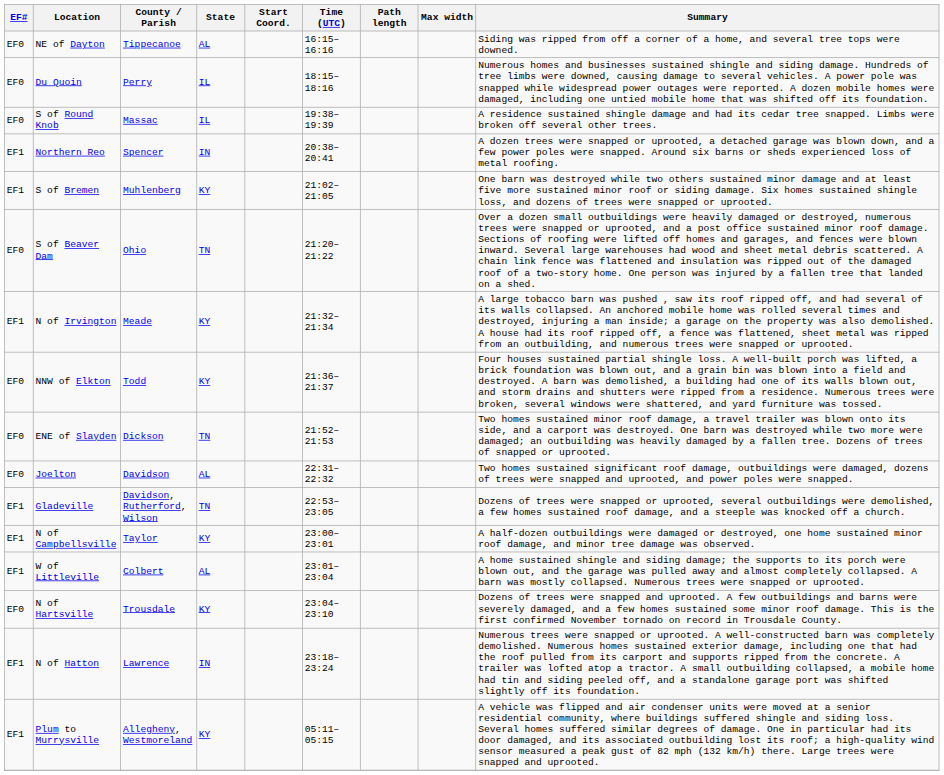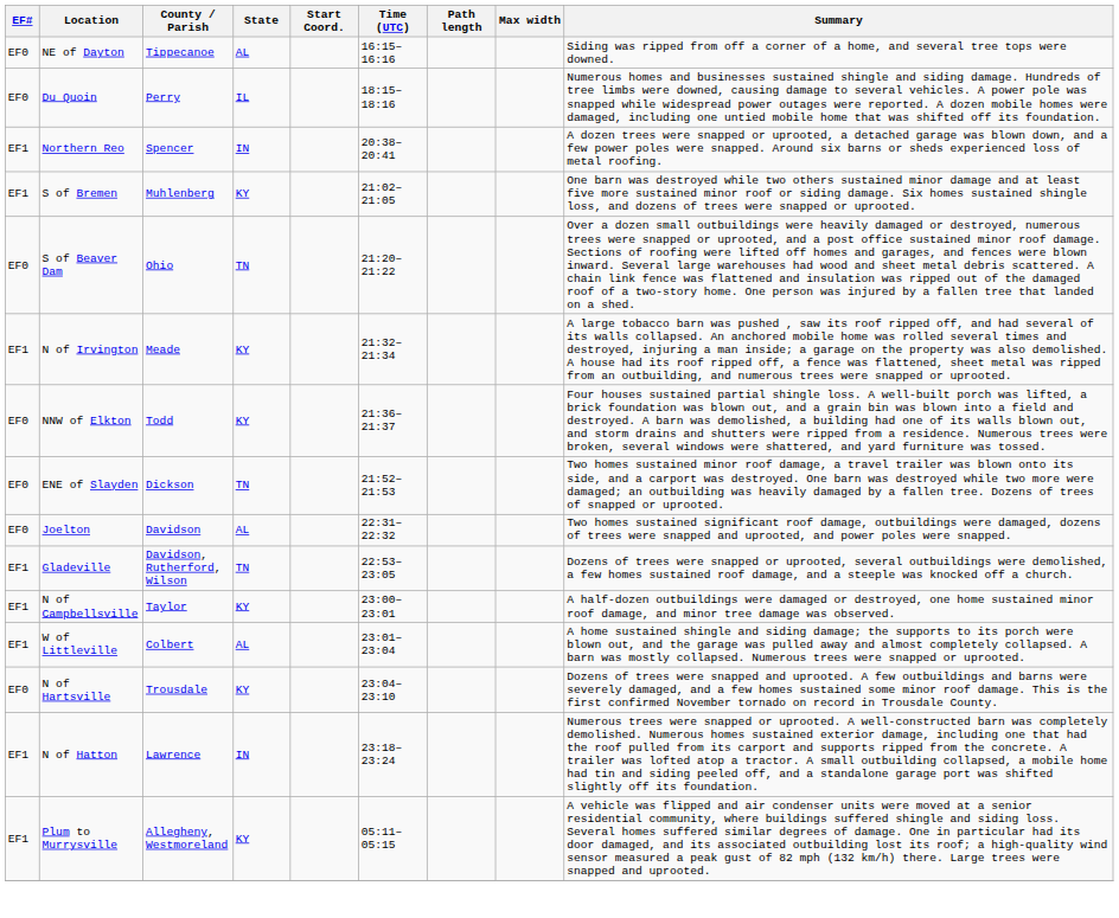 <table class="wikitable sortable" style="width:100%;">
 <tr>
 <th scope="col"  style="width:3%; text-align:center;"><a href='#'>EF#</a></th>
 <th scope="col"  style="width:7%; text-align:center;" class="unsortable">Location</th>
 <th scope="col"  style="width:6%; text-align:center;" class="unsortable">County / Parish</th>
 <th scope="col"  style="width:5%; text-align:center;">State</th>
 <th scope="col"  style="width:6%; text-align:center;">Start Coord.</th>
 <th scope="col"  style="width:6%; text-align:center;">Time (<a href='#'>UTC</a>)</th>
 <th scope="col"  style="width:6%; text-align:center;">Path length</th>
 <th scope="col"  style="width:6%; text-align:center;">Max width</th>
 <th scope="col" class="unsortable" style="width:48%; text-align:center;">Summary</th>
 </tr>
 <tr>
 <td>EF0</td>
 <td>NE of <a href='#'>Dayton</a></td>
 <td><a href='#'>Tippecanoe</a></td>
 <td><a href='#'>AL</a></td>
 <td></td>
 <td>16:15–16:16</td>
 <td></td>
 <td></td>
 <td>Siding was ripped from off a corner of a home, and several tree tops were downed.</td>
 </tr>
 <tr>
 <td>EF0</td>
 <td><a href='#'>Du Quoin</a></td>
 <td><a href='#'>Perry</a></td>
 <td><a href='#'>IL</a></td>
 <td></td>
 <td>18:15–18:16</td>
 <td></td>
 <td></td>
 <td>Numerous homes and businesses sustained shingle and siding damage. Hundreds of tree limbs were downed, causing damage to several vehicles. A power pole was snapped while widespread power outages were reported. A dozen mobile homes were damaged, including one untied mobile home that was shifted off its foundation.</td>
-</tr>
-<tr>
-<td>EF0</td>
-<td>S of <a href='#'>Round Knob</a></td>
-<td><a href='#'>Massac</a></td>
-<td><a href='#'>IL</a></td>
-<td></td>
-<td>19:38–19:39</td>
-<td></td>
-<td></td>
-<td>A residence sustained shingle damage and had its cedar tree snapped. Limbs were broken off several other trees.</td>
 </tr>
 <tr>
 <td>EF1</td>
 <td><a href='#'>Northern Reo</a></td>
 <td><a href='#'>Spencer</a></td>
 <td><a href='#'>IN</a></td>
 <td></td>
 <td>20:38–20:41</td>
 <td></td>
 <td></td>
 <td>A dozen trees were snapped or uprooted, a detached garage was blown down, and a few power poles were snapped. Around six barns or sheds experienced loss of metal roofing.</td>
 </tr>
 <tr>
 <td>EF1</td>
 <td>S of <a href='#'>Bremen</a></td>
 <td><a href='#'>Muhlenberg</a></td>
 <td><a href='#'>KY</a></td>
 <td></td>
 <td>21:02–21:05</td>
 <td></td>
 <td></td>
 <td>One barn was destroyed while two others sustained minor damage and at least five more sustained minor roof or siding damage. Six homes sustained shingle loss, and dozens of trees were snapped or uprooted.</td>
 </tr>
 <tr>
 <td>EF0</td>
 <td>S of <a href='#'>Beaver Dam</a></td>
 <td><a href='#'>Ohio</a></td>
 <td><a href='#'>TN</a></td>
 <td></td>
 <td>21:20–21:22</td>
 <td></td>
 <td></td>
 <td>Over a dozen small outbuildings were heavily damaged or destroyed, numerous trees were snapped or uprooted, and a post office sustained minor roof damage. Sections of roofing were lifted off homes and garages, and fences were blown inward. Several large warehouses had wood and sheet metal debris scattered. A chain link fence was flattened and insulation was ripped out of the damaged roof of a two-story home. One person was injured by a fallen tree that landed on a shed.</td>
 </tr>
 <tr>
 <td>EF1</td>
 <td>N of <a href='#'>Irvington</a></td>
 <td><a href='#'>Meade</a></td>
 <td><a href='#'>KY</a></td>
 <td></td>
 <td>21:32–21:34</td>
 <td></td>
 <td></td>
 <td>A large tobacco barn was pushed , saw its roof ripped off, and had several of its walls collapsed. An anchored mobile home was rolled several times and destroyed, injuring a man inside; a garage on the property was also demolished. A house had its roof ripped off, a fence was flattened, sheet metal was ripped from an outbuilding, and numerous trees were snapped or uprooted.</td>
 </tr>
 <tr>
 <td>EF0</td>
 <td>NNW of <a href='#'>Elkton</a></td>
 <td><a href='#'>Todd</a></td>
 <td><a href='#'>KY</a></td>
 <td></td>
 <td>21:36–21:37</td>
 <td></td>
 <td></td>
 <td>Four houses sustained partial shingle loss. A well-built porch was lifted, a brick foundation was blown out, and a grain bin was blown  into a field and destroyed. A barn was demolished, a building had one of its walls blown out, and storm drains and shutters were ripped from a residence. Numerous trees were broken, several windows were shattered, and yard furniture was tossed.</td>
 </tr>
 <tr>
 <td>EF0</td>
 <td>ENE of <a href='#'>Slayden</a></td>
 <td><a href='#'>Dickson</a></td>
 <td><a href='#'>TN</a></td>
 <td></td>
 <td>21:52–21:53</td>
 <td></td>
 <td></td>
 <td>Two homes sustained minor roof damage, a travel trailer was blown onto its side, and a carport was destroyed. One barn was destroyed while two more were damaged; an outbuilding was heavily damaged by a fallen tree. Dozens of trees of snapped or uprooted.</td>
 </tr>
 <tr>
 <td>EF0</td>
 <td><a href='#'>Joelton</a></td>
 <td><a href='#'>Davidson</a></td>
 <td><a href='#'>AL</a></td>
 <td></td>
 <td>22:31–22:32</td>
 <td></td>
 <td></td>
 <td>Two homes sustained significant roof damage, outbuildings were damaged, dozens of trees were snapped and uprooted, and power poles were snapped.</td>
 </tr>
 <tr>
 <td>EF1</td>
 <td><a href='#'>Gladeville</a></td>
 <td><a href='#'>Davidson</a>, <a href='#'>Rutherford</a>, <a href='#'>Wilson</a></td>
 <td><a href='#'>TN</a></td>
 <td></td>
 <td>22:53–23:05</td>
 <td></td>
 <td></td>
 <td>Dozens of trees were snapped or uprooted, several outbuildings were demolished, a few homes sustained roof damage, and a steeple was knocked off a church.</td>
 </tr>
 <tr>
 <td>EF1</td>
 <td>N of <a href='#'>Campbellsville</a></td>
 <td><a href='#'>Taylor</a></td>
 <td><a href='#'>KY</a></td>
 <td></td>
 <td>23:00–23:01</td>
 <td></td>
 <td></td>
 <td>A half-dozen outbuildings were damaged or destroyed, one home sustained minor roof damage, and minor tree damage was observed.</td>
 </tr>
 <tr>
 <td>EF1</td>
 <td>W of <a href='#'>Littleville</a></td>
 <td><a href='#'>Colbert</a></td>
 <td><a href='#'>AL</a></td>
 <td></td>
 <td>23:01–23:04</td>
 <td></td>
 <td></td>
 <td>A home sustained shingle and siding damage; the supports to its porch were blown out, and the garage was pulled away and almost completely collapsed. A barn was mostly collapsed. Numerous trees were snapped or uprooted.</td>
 </tr>
 <tr>
 <td>EF0</td>
 <td>N of <a href='#'>Hartsville</a></td>
 <td><a href='#'>Trousdale</a></td>
 <td><a href='#'>KY</a></td>
 <td></td>
 <td>23:04–23:10</td>
 <td></td>
 <td></td>
 <td>Dozens of trees were snapped and uprooted. A few outbuildings and barns were severely damaged, and a few homes sustained some minor roof damage. This is the first confirmed November tornado on record in Trousdale County.</td>
 </tr>
 <tr>
 <td>EF1</td>
 <td>N of <a href='#'>Hatton</a></td>
 <td><a href='#'>Lawrence</a></td>
 <td><a href='#'>IN</a></td>
 <td></td>
 <td>23:18–23:24</td>
 <td></td>
 <td></td>
 <td>Numerous trees were snapped or uprooted. A well-constructed barn was completely demolished. Numerous homes sustained exterior damage, including one that had the roof pulled from its carport and supports ripped from the concrete. A trailer was lofted atop a tractor. A small outbuilding collapsed, a mobile home had tin and siding peeled off, and a standalone garage port was shifted slightly off its foundation.</td>
 </tr>
 <tr>
 <td>EF1</td>
 <td><a href='#'>Plum</a> to <a href='#'>Murrysville</a></td>
 <td><a href='#'>Allegheny</a>, <a href='#'>Westmoreland</a></td>
 <td><a href='#'>KY</a></td>
 <td></td>
 <td>05:11–05:15</td>
 <td></td>
 <td></td>
 <td>A vehicle was flipped and air condenser units were moved at a senior residential community, where buildings suffered shingle and siding loss. Several homes suffered similar degrees of damage. One in particular had its door damaged, and its associated outbuilding lost its roof; a high-quality wind sensor measured a peak gust of 82 mph (132 km/h) there. Large trees were snapped and uprooted.</td>
 </tr>
 <tr>
 </tr>
 </table>
